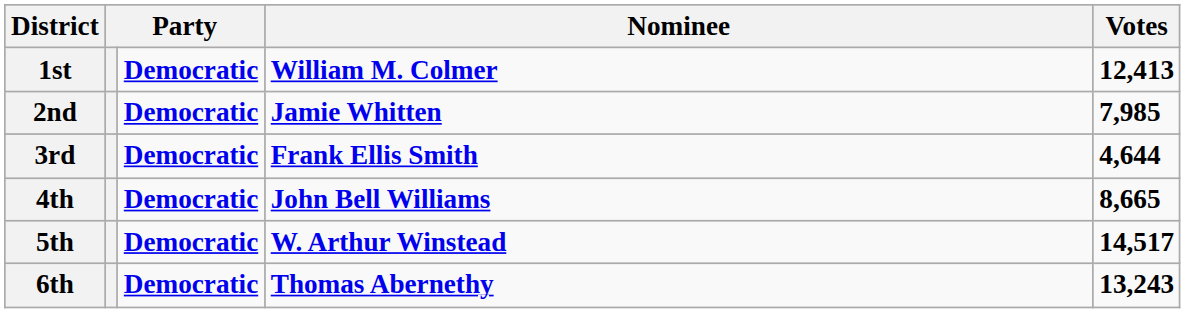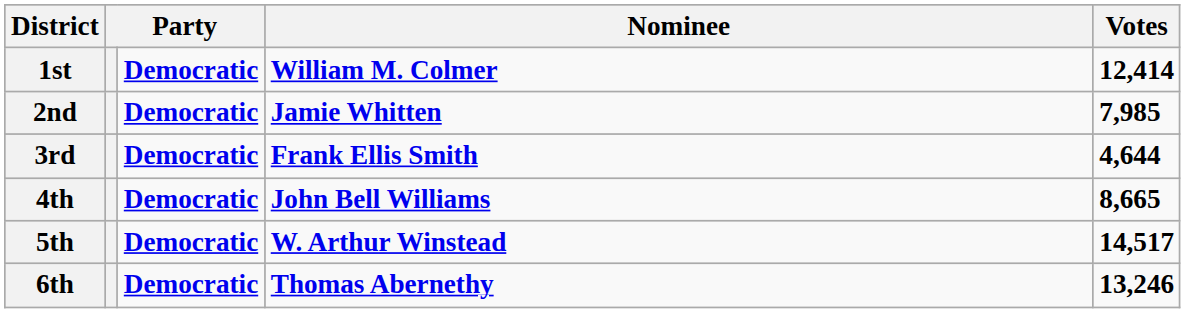 <table class="wikitable plainrowheaders">
 <tr>
 <th scope="col">District</th>
 <th scope="col" colspan="2">Party</th>
 <th scope="col" style=width:30em>Nominee</th>
 <th scope="col">Votes</th>
 </tr>
 <tr>
 <th>1st</th>
 <th style="background-color:"></th>
 <td><strong><a href='#'>Democratic</a></strong></td>
 <td><strong><a href='#'>William M. Colmer</a></strong></td>
-<td><strong>12,413</strong></td>
+<td><strong>12,414</strong></td>
 </tr>
 <tr>
 <th>2nd</th>
 <th style="background-color:"></th>
 <td><strong><a href='#'>Democratic</a></strong></td>
 <td><strong><a href='#'>Jamie Whitten</a></strong></td>
 <td><strong>7,985</strong></td>
 </tr>
 <tr>
 <th>3rd</th>
 <th style="background-color:"></th>
 <td><strong><a href='#'>Democratic</a></strong></td>
 <td><strong><a href='#'>Frank Ellis Smith</a></strong></td>
 <td><strong>4,644</strong></td>
 </tr>
 <tr>
 <th>4th</th>
 <th style="background-color:"></th>
 <td><strong><a href='#'>Democratic</a></strong></td>
 <td><strong><a href='#'>John Bell Williams</a></strong></td>
 <td><strong>8,665</strong></td>
 </tr>
 <tr>
 <th>5th</th>
 <th style="background-color:"></th>
 <td><strong><a href='#'>Democratic</a></strong></td>
 <td><strong><a href='#'>W. Arthur Winstead</a></strong></td>
 <td><strong>14,517</strong></td>
 </tr>
 <tr>
 <th>6th</th>
 <th style="background-color:"></th>
 <td><strong><a href='#'>Democratic</a></strong></td>
 <td><strong><a href='#'>Thomas Abernethy</a></strong></td>
-<td><strong>13,243</strong></td>
+<td><strong>13,246</strong></td>
 </tr>
 </table>
